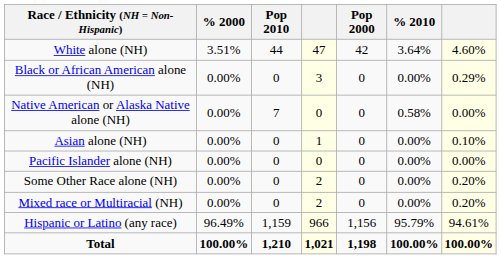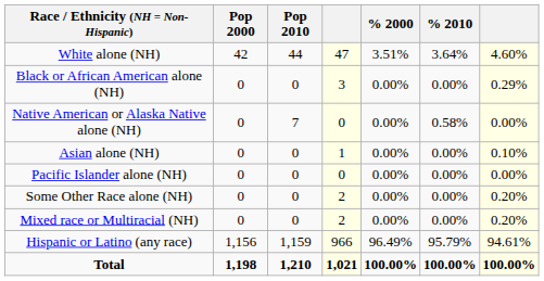 <table class="wikitable" style="text-align:center;">
 <tr>
 <th>Race / Ethnicity <small>(<em>NH = Non-Hispanic</em>)</small></th>
-<th>% 2000</th>
+<th>Pop 2000</th>
 <th>Pop 2010</th>
 <th></th>
-<th>Pop 2000</th>
+<th>% 2000</th>
 <th>% 2010</th>
 <th></th>
 </tr>
 <tr>
 <td><a href='#'>White</a> alone (NH)</td>
-<td>3.51%</td>
+<td>42</td>
 <td>44</td>
 <td style='background: #ffffe6;'>47</td>
-<td>42</td>
+<td>3.51%</td>
 <td>3.64%</td>
 <td style='background: #ffffe6;'>4.60%</td>
 </tr>
 <tr>
 <td><a href='#'>Black or African American</a> alone (NH)</td>
-<td>0.00%</td>
+<td>0</td>
 <td>0</td>
 <td style='background: #ffffe6;'>3</td>
-<td>0</td>
+<td>0.00%</td>
 <td>0.00%</td>
 <td style='background: #ffffe6;'>0.29%</td>
 </tr>
 <tr>
 <td><a href='#'>Native American</a> or <a href='#'>Alaska Native</a> alone (NH)</td>
-<td>0.00%</td>
+<td>0</td>
 <td>7</td>
 <td style='background: #ffffe6;'>0</td>
-<td>0</td>
+<td>0.00%</td>
 <td>0.58%</td>
 <td style='background: #ffffe6;'>0.00%</td>
 </tr>
 <tr>
 <td><a href='#'>Asian</a> alone (NH)</td>
-<td>0.00%</td>
+<td>0</td>
 <td>0</td>
 <td style='background: #ffffe6;'>1</td>
-<td>0</td>
+<td>0.00%</td>
 <td>0.00%</td>
 <td style='background: #ffffe6;'>0.10%</td>
 </tr>
 <tr>
 <td><a href='#'>Pacific Islander</a> alone (NH)</td>
-<td>0.00%</td>
+<td>0</td>
 <td>0</td>
 <td style='background: #ffffe6;'>0</td>
-<td>0</td>
+<td>0.00%</td>
 <td>0.00%</td>
 <td style='background: #ffffe6;'>0.00%</td>
 </tr>
 <tr>
 <td>Some Other Race alone (NH)</td>
-<td>0.00%</td>
+<td>0</td>
 <td>0</td>
 <td style='background: #ffffe6;'>2</td>
-<td>0</td>
+<td>0.00%</td>
 <td>0.00%</td>
 <td style='background: #ffffe6;'>0.20%</td>
 </tr>
 <tr>
 <td><a href='#'>Mixed race or Multiracial</a> (NH)</td>
-<td>0.00%</td>
+<td>0</td>
 <td>0</td>
 <td style='background: #ffffe6;'>2</td>
-<td>0</td>
+<td>0.00%</td>
 <td>0.00%</td>
 <td style='background: #ffffe6;'>0.20%</td>
 </tr>
 <tr>
 <td><a href='#'>Hispanic or Latino</a> (any race)</td>
-<td>96.49%</td>
+<td>1,156</td>
 <td>1,159</td>
 <td style='background: #ffffe6;'>966</td>
-<td>1,156</td>
+<td>96.49%</td>
 <td>95.79%</td>
 <td style='background: #ffffe6;'>94.61%</td>
 </tr>
 <tr>
 <td><strong>Total</strong></td>
-<td><strong>100.00%</strong></td>
+<td><strong>1,198</strong></td>
 <td><strong>1,210</strong></td>
 <td style='background: #ffffe6;'><strong>1,021</strong></td>
-<td><strong>1,198</strong></td>
+<td><strong>100.00%</strong></td>
 <td><strong>100.00%</strong></td>
 <td style='background: #ffffe6;'><strong>100.00%</strong></td>
 </tr>
 </table>
